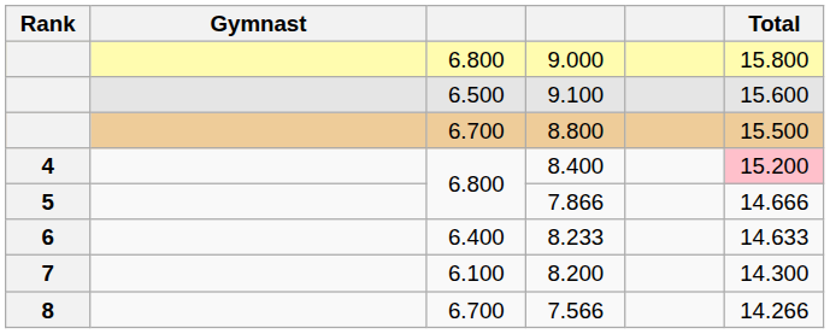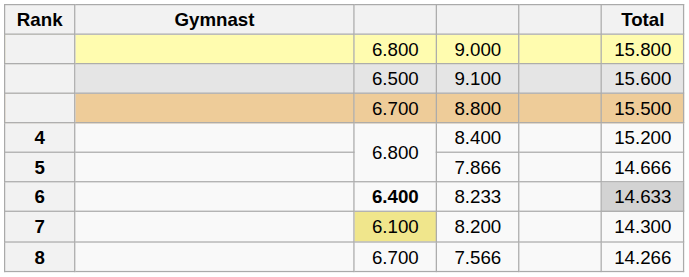 <table class="wikitable sortable" style="text-align:center; font-size:95%">
 <tr>
 <th scope="col" style="width:50px;">Rank</th>
 <th scope="col" style="width:220px;">Gymnast</th>
 <th scope="col" style="width:60px;"></th>
 <th scope="col" style="width:60px;"></th>
 <th scope="col" style="width:60px;"></th>
 <th scope="col" style="width:60px;">Total</th>
 </tr>
 <tr style="background:#fffcaf;">
 <th scope=row style="text-align:center"></th>
 <td style="text-align:left;"></td>
 <td>6.800</td>
 <td>9.000</td>
 <td></td>
 <td>15.800</td>
 </tr>
 <tr style="background:#e5e5e5;">
 <th scope=row style="text-align:center"></th>
 <td style="text-align:left;"></td>
 <td>6.500</td>
 <td>9.100</td>
 <td></td>
 <td>15.600</td>
 </tr>
 <tr style="background:#ec9;">
 <th scope=row style="text-align:center"></th>
 <td style="text-align:left;"></td>
 <td>6.700</td>
 <td>8.800</td>
 <td></td>
 <td>15.500</td>
 </tr>
 <tr>
 <th scope=row style="text-align:center">4</th>
 <td style="text-align:left;"></td>
 <td rowspan="2">6.800</td>
 <td>8.400</td>
 <td></td>
-<td style="background: pink;">15.200</td>
+<td>15.200</td>
 </tr>
 <tr>
 <th scope=row style="text-align:center">5</th>
 <td style="text-align:left;"></td>
 <td>7.866</td>
 <td></td>
 <td>14.666</td>
 </tr>
 <tr>
 <th scope=row style="text-align:center">6</th>
 <td style="text-align:left;"></td>
-<td>6.400</td>
+<td><strong>6.400</strong></td>
 <td>8.233</td>
 <td></td>
-<td>14.633</td>
+<td style="background: lightgrey;">14.633</td>
 </tr>
 <tr>
 <th scope=row style="text-align:center">7</th>
 <td style="text-align:left;"></td>
-<td>6.100</td>
+<td style="background: khaki;">6.100</td>
 <td>8.200</td>
 <td></td>
 <td>14.300</td>
 </tr>
 <tr>
 <th scope=row style="text-align:center">8</th>
 <td style="text-align:left;"></td>
 <td>6.700</td>
 <td>7.566</td>
 <td></td>
 <td>14.266</td>
 </tr>
 </table>
